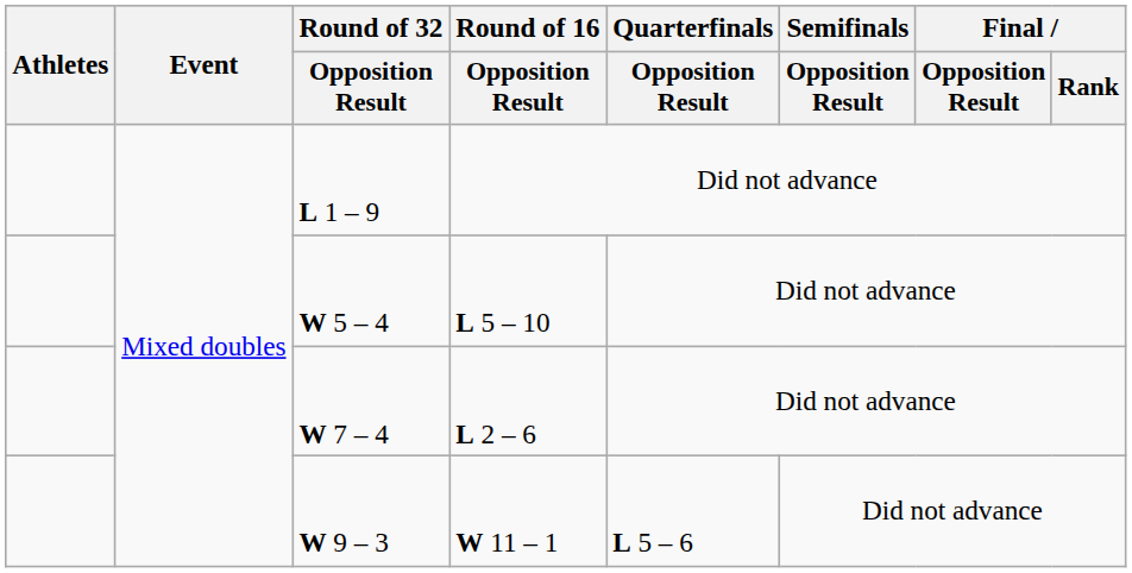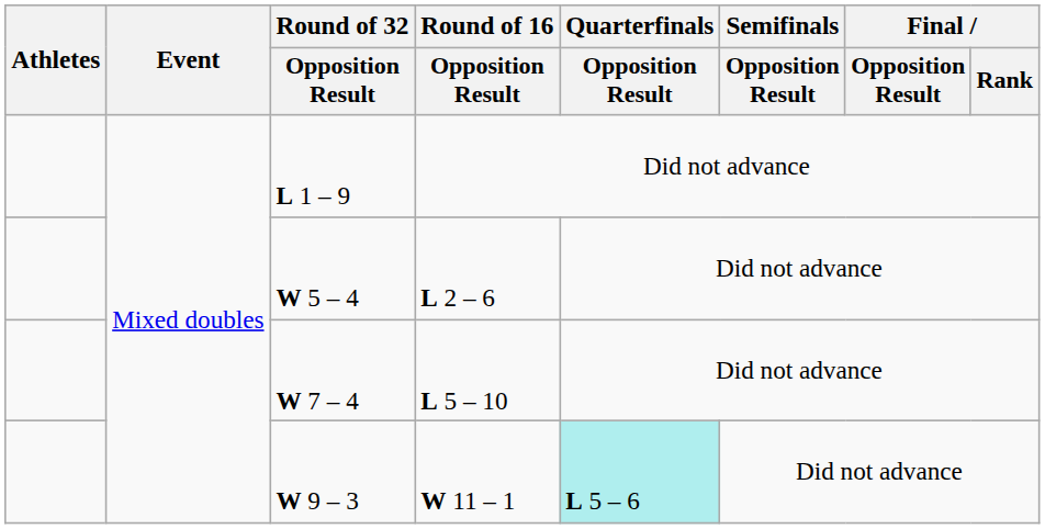 <table class="wikitable" style="font-size:90%">
 <tr>
 <th rowspan=2>Athletes</th>
 <th rowspan=2>Event</th>
 <th>Round of 32</th>
 <th>Round of 16</th>
 <th>Quarterfinals</th>
 <th>Semifinals</th>
 <th colspan=2>Final / </th>
 </tr>
 <tr style="font-size:95%">
 <th>Opposition<br>Result</th>
 <th>Opposition<br>Result</th>
 <th>Opposition<br>Result</th>
 <th>Opposition<br>Result</th>
 <th>Opposition<br>Result</th>
 <th>Rank</th>
 </tr>
 <tr>
 <td align=left><br></td>
 <td align=left rowspan=4><a href='#'>Mixed doubles</a></td>
 <td><br><br><strong>L</strong> 1 – 9</td>
 <td align=center colspan=5>Did not advance</td>
 </tr>
 <tr>
 <td align=left><br></td>
 <td><br><br><strong>W</strong> 5 – 4</td>
-<td><br><br><strong>L</strong> 5 – 10</td>
+<td><br><br><strong>L</strong> 2 – 6</td>
 <td align=center colspan=4>Did not advance</td>
 </tr>
 <tr>
 <td align=left><br></td>
 <td><br><br><strong>W</strong> 7 – 4</td>
-<td><br><br><strong>L</strong> 2 – 6</td>
+<td><br><br><strong>L</strong> 5 – 10</td>
 <td align=center colspan=4>Did not advance</td>
 </tr>
 <tr>
 <td align=left><br></td>
 <td><br><br><strong>W</strong> 9 – 3</td>
 <td><br><br><strong>W</strong> 11 – 1</td>
-<td><br><br><strong>L</strong> 5 – 6</td>
+<td style="background: paleturquoise;"><br><br><strong>L</strong> 5 – 6</td>
 <td align=center colspan=3>Did not advance</td>
 </tr>
 </table>
